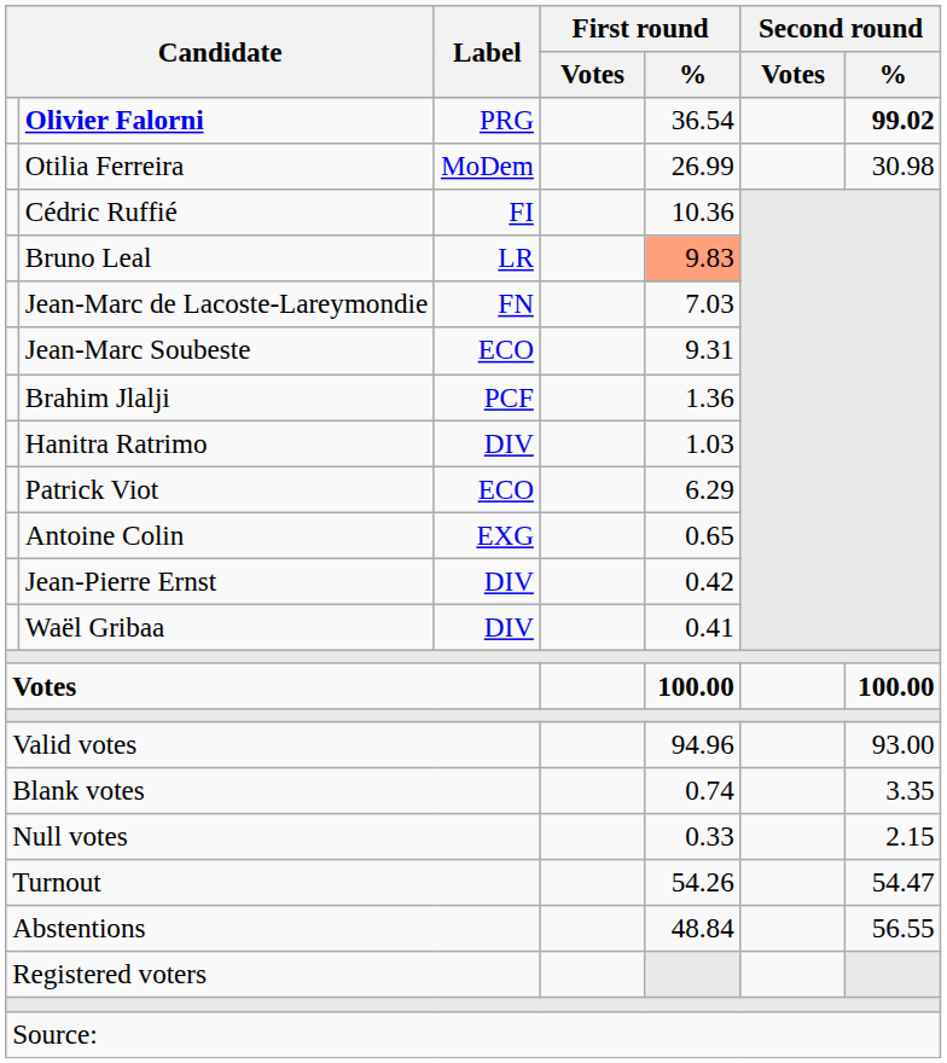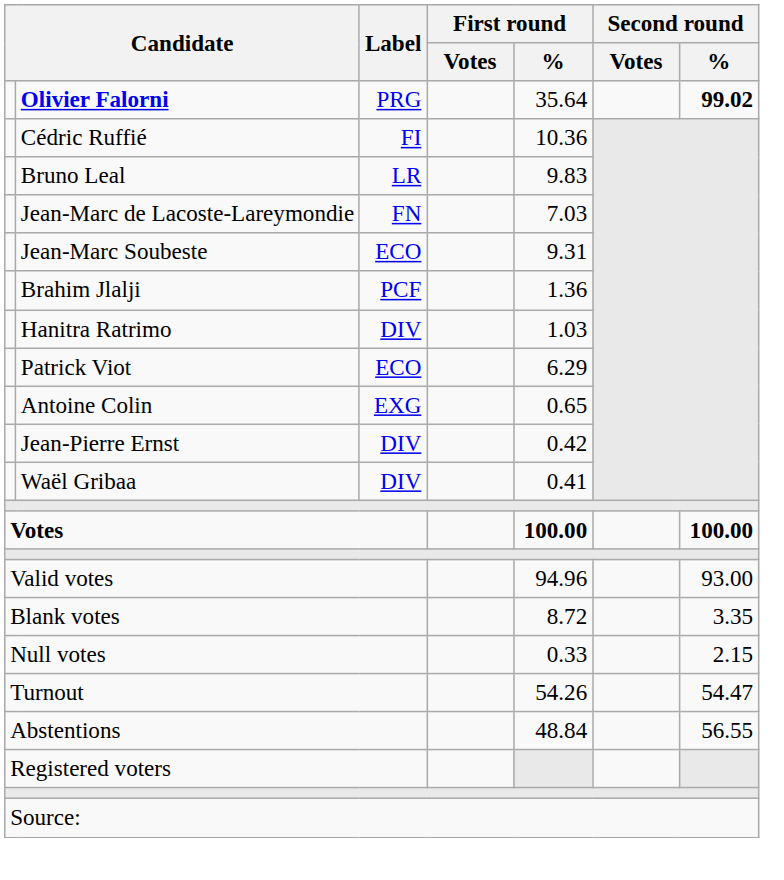 <table class="wikitable" style="text-align:right;font-size:95%;">
 <tr>
 <th colspan="2" rowspan="2">Candidate</th>
 <th rowspan="2">Label</th>
 <th colspan="2">First round</th>
 <th colspan="2">Second round</th>
 </tr>
 <tr>
 <th style="width:50px;">Votes</th>
 <th style="width:45px;">%</th>
 <th style="width:50px;">Votes</th>
 <th style="width:45px;">%</th>
 </tr>
 <tr>
 <td style="color:inherit;background:"></td>
 <td style="text-align:left;"><strong><a href='#'>Olivier Falorni</a></strong></td>
 <td><a href='#'>PRG</a></td>
 <td></td>
-<td>36.54</td>
+<td>35.64</td>
 <td><strong></strong></td>
 <td><strong>99.02</strong></td>
-</tr>
-<tr>
-<td style="color:inherit;background:"></td>
-<td style="text-align:left;">Otilia Ferreira</td>
-<td><a href='#'>MoDem</a></td>
-<td></td>
-<td>26.99</td>
-<td></td>
-<td>30.98</td>
 </tr>
 <tr>
 <td style="color:inherit;background:"></td>
 <td style="text-align:left;">Cédric Ruffié</td>
 <td><a href='#'>FI</a></td>
 <td></td>
 <td>10.36</td>
 <td colspan="2" rowspan="10" style="background:#E9E9E9;"></td>
 </tr>
 <tr>
 <td style="color:inherit;background:"></td>
 <td style="text-align:left;">Bruno Leal</td>
 <td><a href='#'>LR</a></td>
 <td></td>
-<td style="background: lightsalmon;">9.83</td>
+<td>9.83</td>
 </tr>
 <tr>
 <td style="color:inherit;background:"></td>
 <td style="text-align:left;">Jean-Marc de Lacoste-Lareymondie</td>
 <td><a href='#'>FN</a></td>
 <td></td>
 <td>7.03</td>
 </tr>
 <tr>
 <td style="color:inherit;background:"></td>
 <td style="text-align:left;">Jean-Marc Soubeste</td>
 <td><a href='#'>ECO</a></td>
 <td></td>
 <td>9.31</td>
 </tr>
 <tr>
 <td style="color:inherit;background:"></td>
 <td style="text-align:left;">Brahim Jlalji</td>
 <td><a href='#'>PCF</a></td>
 <td></td>
 <td>1.36</td>
 </tr>
 <tr>
 <td style="color:inherit;background:"></td>
 <td style="text-align:left;">Hanitra Ratrimo</td>
 <td><a href='#'>DIV</a></td>
 <td></td>
 <td>1.03</td>
 </tr>
 <tr>
 <td style="color:inherit;background:"></td>
 <td style="text-align:left;">Patrick Viot</td>
 <td><a href='#'>ECO</a></td>
 <td></td>
 <td>6.29</td>
 </tr>
 <tr>
 <td style="color:inherit;background:"></td>
 <td style="text-align:left;">Antoine Colin</td>
 <td><a href='#'>EXG</a></td>
 <td></td>
 <td>0.65</td>
 </tr>
 <tr>
 <td style="color:inherit;background:"></td>
 <td style="text-align:left;">Jean-Pierre Ernst</td>
 <td><a href='#'>DIV</a></td>
 <td></td>
 <td>0.42</td>
 </tr>
 <tr>
 <td style="color:inherit;background:"></td>
 <td style="text-align:left;">Waël Gribaa</td>
 <td><a href='#'>DIV</a></td>
 <td></td>
 <td>0.41</td>
 </tr>
 <tr>
 <td colspan="7" style="background:#E9E9E9;"></td>
 </tr>
 <tr style="font-weight:bold;">
 <td colspan="3" style="text-align:left;">Votes</td>
 <td></td>
 <td>100.00</td>
 <td></td>
 <td>100.00</td>
 </tr>
 <tr>
 <td colspan="7" style="background:#E9E9E9;"></td>
 </tr>
 <tr>
 <td colspan="3" style="text-align:left;">Valid votes</td>
 <td></td>
 <td>94.96</td>
 <td></td>
 <td>93.00</td>
 </tr>
 <tr>
 <td colspan="3" style="text-align:left;">Blank votes</td>
 <td></td>
-<td>0.74</td>
+<td>8.72</td>
 <td></td>
 <td>3.35</td>
 </tr>
 <tr>
 <td colspan="3" style="text-align:left;">Null votes</td>
 <td></td>
 <td>0.33</td>
 <td></td>
 <td>2.15</td>
 </tr>
 <tr>
 <td colspan="3" style="text-align:left;">Turnout</td>
 <td></td>
 <td>54.26</td>
 <td></td>
 <td>54.47</td>
 </tr>
 <tr>
 <td colspan="3" style="text-align:left;">Abstentions</td>
 <td></td>
 <td>48.84</td>
 <td></td>
 <td>56.55</td>
 </tr>
 <tr>
 <td colspan="3" style="text-align:left;">Registered voters</td>
 <td></td>
 <td style="color:inherit;background:#E9E9E9;"></td>
 <td></td>
 <td style="color:inherit;background:#E9E9E9;"></td>
 </tr>
 <tr>
 <td colspan="7" style="background:#E9E9E9;"></td>
 </tr>
 <tr>
 <td colspan="7" style="text-align:left;">Source: </td>
 </tr>
 </table>
